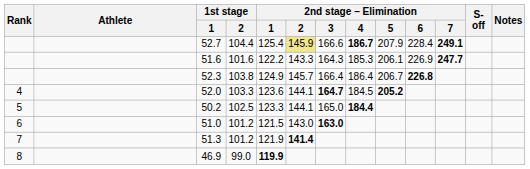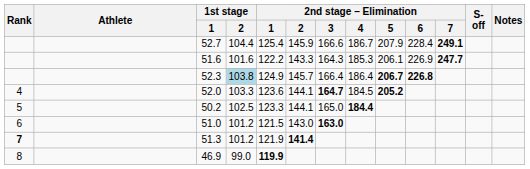 <table class="wikitable" style="text-align:center">
 <tr>
 <th rowspan=2 width=40>Rank</th>
 <th rowspan=2 width=250>Athlete</th>
 <th colspan=2>1st stage</th>
 <th colspan=7>2nd stage – Elimination</th>
 <th rowspan=2 width=35>S-off</th>
 <th rowspan=2 width=45>Notes</th>
 </tr>
 <tr>
 <th width=40>1</th>
 <th width=40>2</th>
 <th width=40>1</th>
 <th width=40>2</th>
 <th width=40>3</th>
 <th width=40>4</th>
 <th width=40>5</th>
 <th width=40>6</th>
 <th width=40>7</th>
 </tr>
 <tr>
 <td></td>
 <td align=left></td>
 <td>52.7</td>
 <td>104.4</td>
 <td>125.4</td>
-<td style="background: khaki;">145.9</td>
+<td>145.9</td>
 <td>166.6</td>
-<td><strong>186.7</strong></td>
+<td>186.7</td>
 <td>207.9</td>
 <td>228.4</td>
 <td><strong>249.1</strong></td>
 <td></td>
 <td></td>
 </tr>
 <tr>
 <td></td>
 <td align=left></td>
 <td>51.6</td>
 <td>101.6</td>
 <td>122.2</td>
 <td>143.3</td>
 <td>164.3</td>
 <td>185.3</td>
 <td>206.1</td>
 <td>226.9</td>
 <td><strong>247.7</strong></td>
 <td></td>
 <td></td>
 </tr>
 <tr>
 <td></td>
 <td align=left></td>
 <td>52.3</td>
-<td>103.8</td>
+<td style="background: lightblue;">103.8</td>
 <td>124.9</td>
 <td>145.7</td>
 <td>166.4</td>
 <td>186.4</td>
-<td>206.7</td>
+<td><strong>206.7</strong></td>
 <td><strong>226.8</strong></td>
 <td></td>
 <td></td>
 <td></td>
 </tr>
 <tr>
 <td>4</td>
 <td align=left></td>
 <td>52.0</td>
 <td>103.3</td>
 <td>123.6</td>
 <td>144.1</td>
 <td><strong>164.7</strong></td>
 <td>184.5</td>
 <td><strong>205.2</strong></td>
 <td></td>
 <td></td>
 <td></td>
 <td></td>
 </tr>
 <tr>
 <td>5</td>
 <td align=left></td>
 <td>50.2</td>
 <td>102.5</td>
 <td>123.3</td>
 <td>144.1</td>
 <td>165.0</td>
 <td><strong>184.4</strong></td>
 <td></td>
 <td></td>
 <td></td>
 <td></td>
 <td></td>
 </tr>
 <tr>
 <td>6</td>
 <td align=left></td>
 <td>51.0</td>
 <td>101.2</td>
 <td>121.5</td>
 <td>143.0</td>
 <td><strong>163.0</strong></td>
 <td></td>
 <td></td>
 <td></td>
 <td></td>
 <td></td>
 <td></td>
 </tr>
 <tr>
-<td>7</td>
+<td><strong>7</strong></td>
 <td align=left></td>
 <td>51.3</td>
 <td>101.2</td>
 <td>121.9</td>
 <td><strong>141.4</strong></td>
 <td></td>
 <td></td>
 <td></td>
 <td></td>
 <td></td>
 <td></td>
 <td></td>
 </tr>
 <tr>
 <td>8</td>
 <td align=left></td>
 <td>46.9</td>
 <td>99.0</td>
 <td><strong>119.9</strong></td>
 <td></td>
 <td></td>
 <td></td>
 <td></td>
 <td></td>
 <td></td>
 <td></td>
 <td></td>
 </tr>
 </table>
